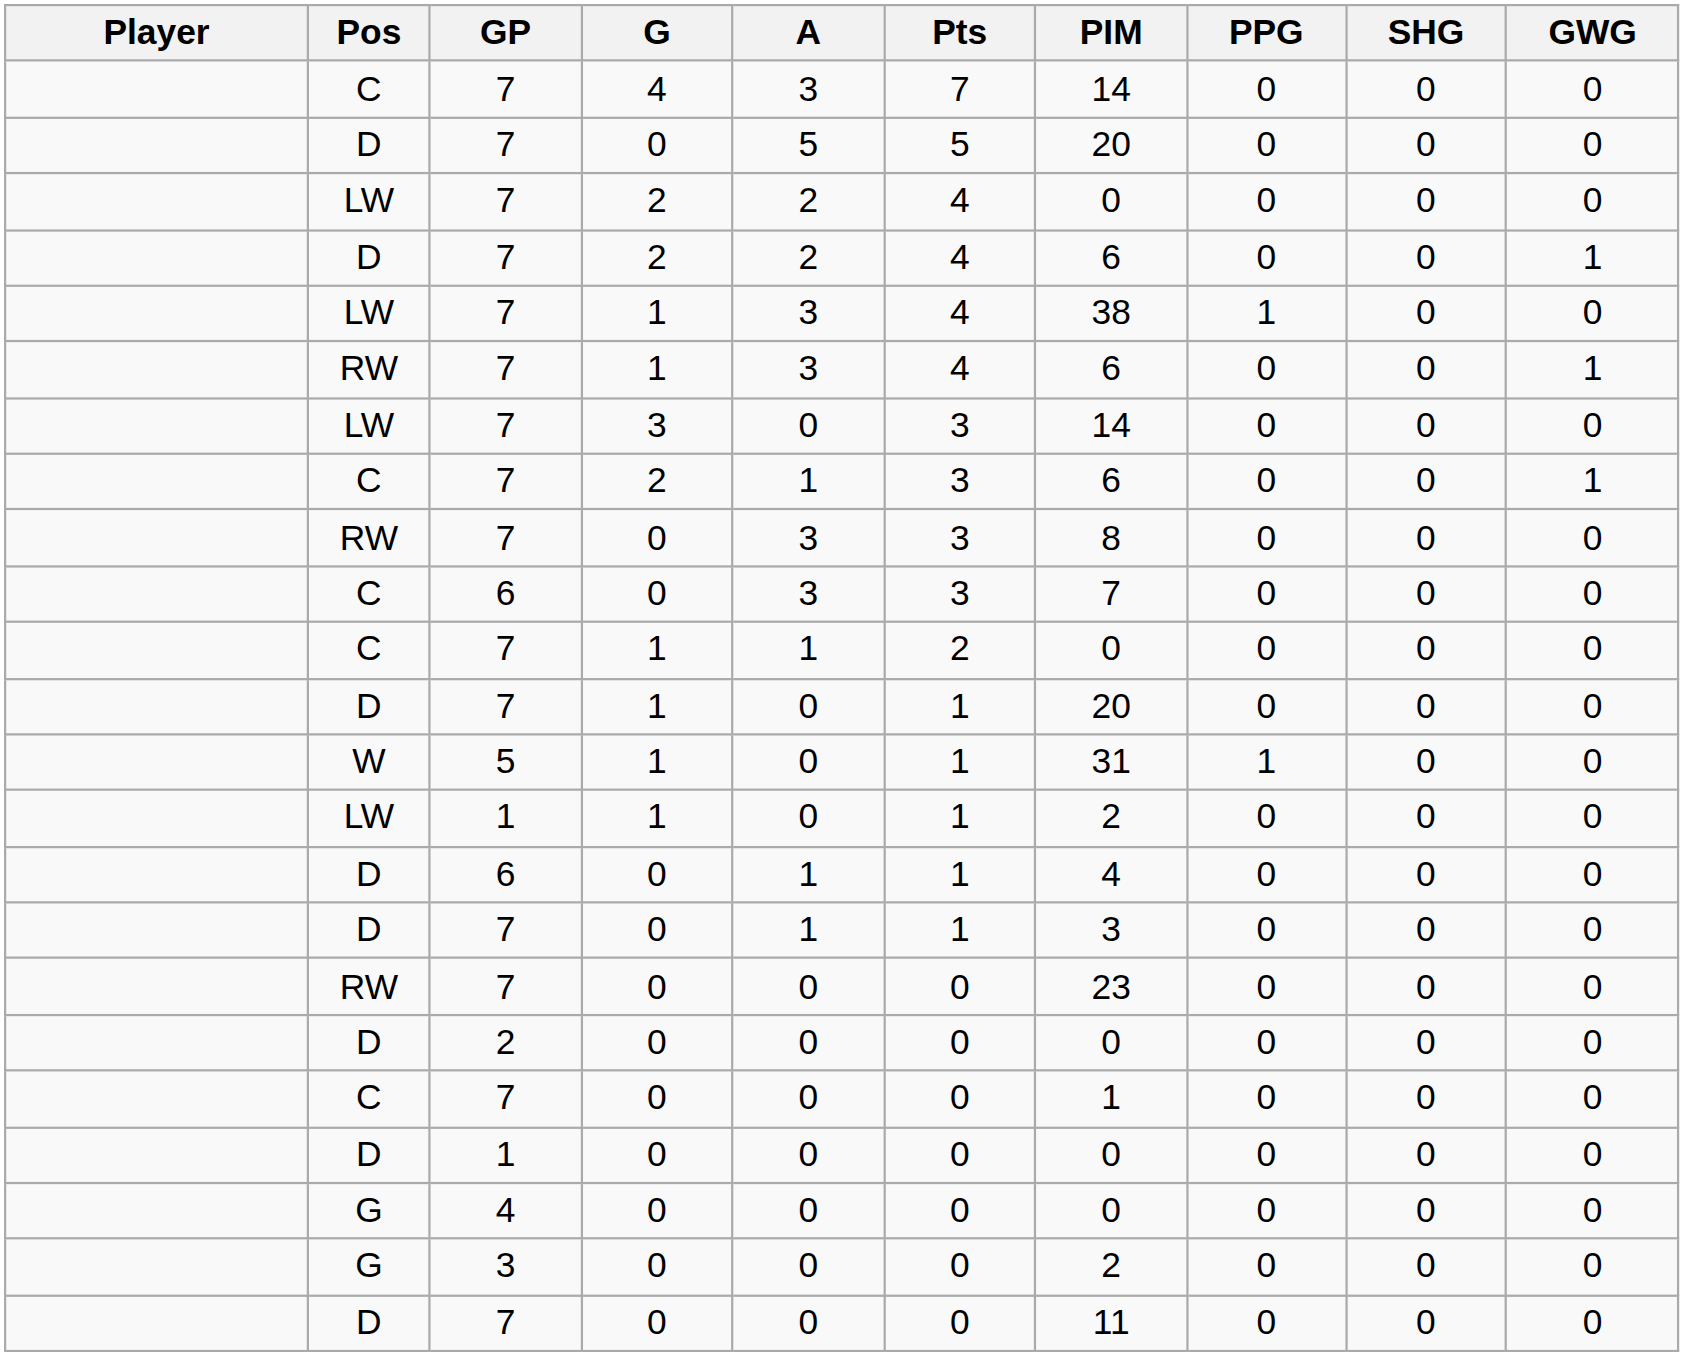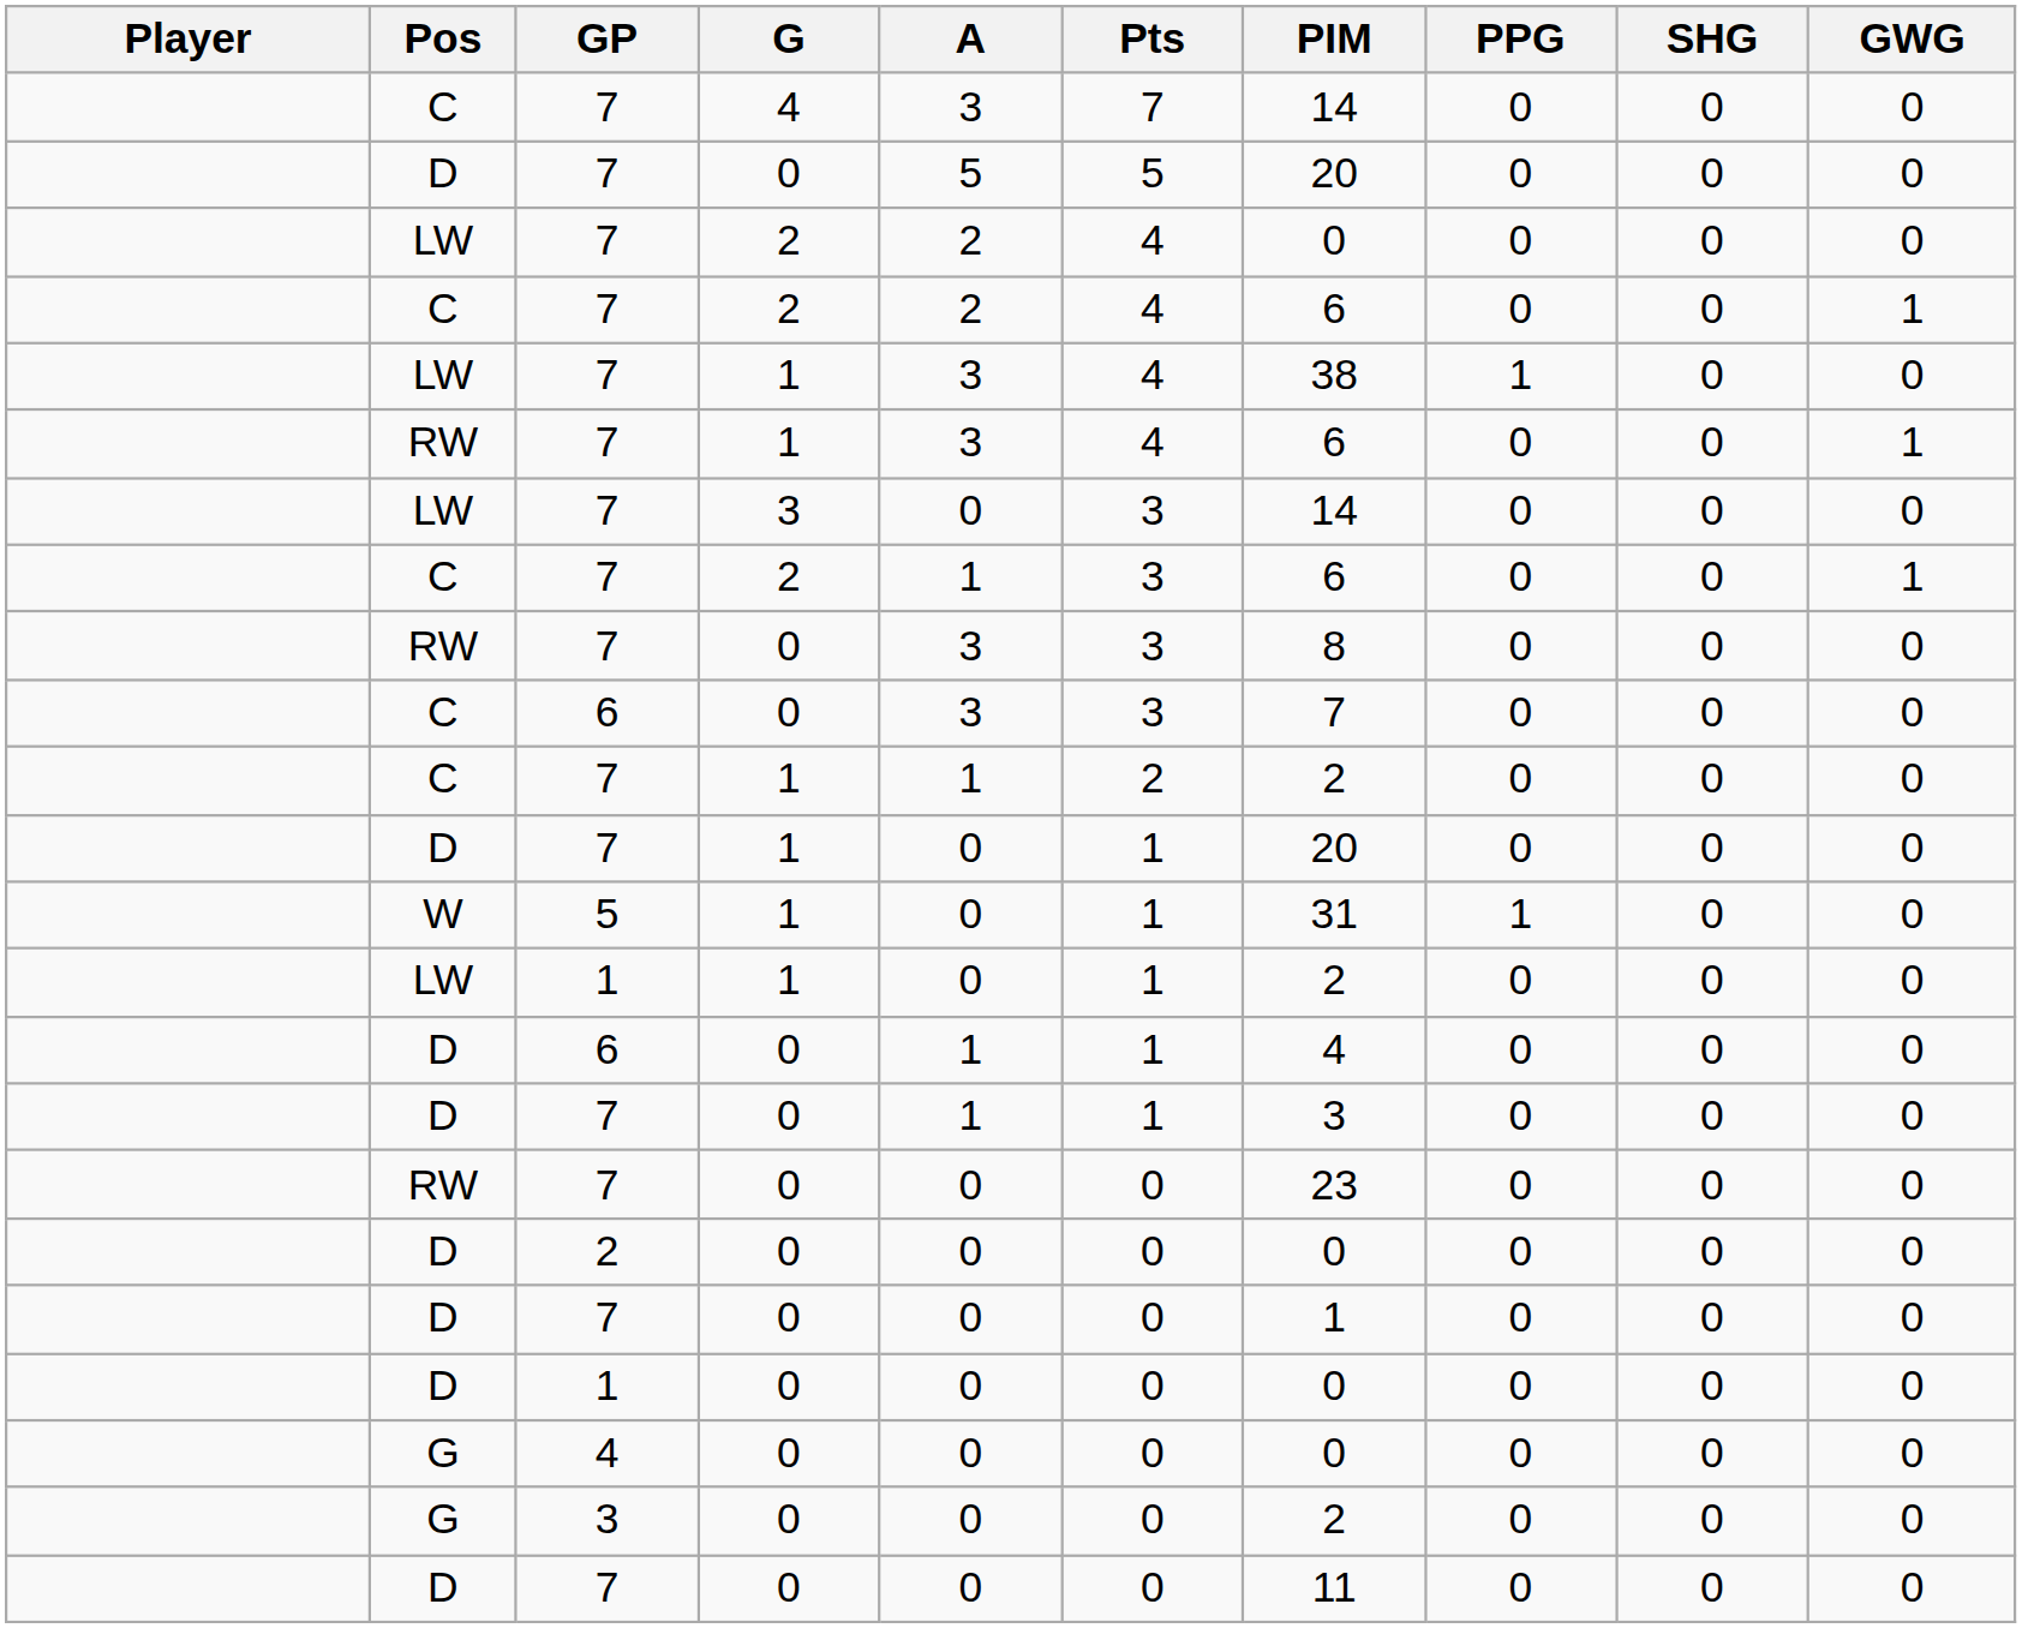 <table class="wikitable sortable" width="60%">
 <tr ALIGN="center">
 <th bgcolor="#DDDDFF" width="10%">Player</th>
 <th bgcolor="#DDDDFF" width="3%" title="Position">Pos</th>
 <th bgcolor="#DDDDFF" width="5%" title="Games played">GP</th>
 <th bgcolor="#DDDDFF" width="5%" title="Goals">G</th>
 <th bgcolor="#DDDDFF" width="5%" title="Assists">A</th>
 <th bgcolor="#DDDDFF" width="5%" title="Points">Pts</th>
 <th bgcolor="#DDDDFF" width="5%" title="Penalties in Minutes">PIM</th>
 <th bgcolor="#DDDDFF" width="5%" title="Power Play Goals">PPG</th>
 <th bgcolor="#DDDDFF" width="5%" title="Short-handed Goals">SHG</th>
 <th bgcolor="#DDDDFF" width="5%" title="Game-winning Goals">GWG</th>
 </tr>
 <tr align="center">
 <td align="right"></td>
 <td>C</td>
 <td>7</td>
 <td>4</td>
 <td>3</td>
 <td>7</td>
 <td>14</td>
 <td>0</td>
 <td>0</td>
 <td>0</td>
 </tr>
 <tr align="center">
 <td align="right"></td>
 <td>D</td>
 <td>7</td>
 <td>0</td>
 <td>5</td>
 <td>5</td>
 <td>20</td>
 <td>0</td>
 <td>0</td>
 <td>0</td>
 </tr>
 <tr align="center">
 <td align="right"></td>
 <td>LW</td>
 <td>7</td>
 <td>2</td>
 <td>2</td>
 <td>4</td>
 <td>0</td>
 <td>0</td>
 <td>0</td>
 <td>0</td>
 </tr>
 <tr align="center">
 <td align="right"></td>
-<td>D</td>
+<td>C</td>
 <td>7</td>
 <td>2</td>
 <td>2</td>
 <td>4</td>
 <td>6</td>
 <td>0</td>
 <td>0</td>
 <td>1</td>
 </tr>
 <tr align="center">
 <td align="right"></td>
 <td>LW</td>
 <td>7</td>
 <td>1</td>
 <td>3</td>
 <td>4</td>
 <td>38</td>
 <td>1</td>
 <td>0</td>
 <td>0</td>
 </tr>
 <tr align="center">
 <td align="right"></td>
 <td>RW</td>
 <td>7</td>
 <td>1</td>
 <td>3</td>
 <td>4</td>
 <td>6</td>
 <td>0</td>
 <td>0</td>
 <td>1</td>
 </tr>
 <tr align="center">
 <td align="right"></td>
 <td>LW</td>
 <td>7</td>
 <td>3</td>
 <td>0</td>
 <td>3</td>
 <td>14</td>
 <td>0</td>
 <td>0</td>
 <td>0</td>
 </tr>
 <tr align="center">
 <td align="right"></td>
 <td>C</td>
 <td>7</td>
 <td>2</td>
 <td>1</td>
 <td>3</td>
 <td>6</td>
 <td>0</td>
 <td>0</td>
 <td>1</td>
 </tr>
 <tr align="center">
 <td align="right"></td>
 <td>RW</td>
 <td>7</td>
 <td>0</td>
 <td>3</td>
 <td>3</td>
 <td>8</td>
 <td>0</td>
 <td>0</td>
 <td>0</td>
 </tr>
 <tr align="center">
 <td align="right"></td>
 <td>C</td>
 <td>6</td>
 <td>0</td>
 <td>3</td>
 <td>3</td>
 <td>7</td>
 <td>0</td>
 <td>0</td>
 <td>0</td>
 </tr>
 <tr align="center">
 <td align="right"></td>
 <td>C</td>
 <td>7</td>
 <td>1</td>
 <td>1</td>
 <td>2</td>
-<td>0</td>
+<td>2</td>
 <td>0</td>
 <td>0</td>
 <td>0</td>
 </tr>
 <tr align="center">
 <td align="right"></td>
 <td>D</td>
 <td>7</td>
 <td>1</td>
 <td>0</td>
 <td>1</td>
 <td>20</td>
 <td>0</td>
 <td>0</td>
 <td>0</td>
 </tr>
 <tr align="center">
 <td align="right"></td>
 <td>W</td>
 <td>5</td>
 <td>1</td>
 <td>0</td>
 <td>1</td>
 <td>31</td>
 <td>1</td>
 <td>0</td>
 <td>0</td>
 </tr>
 <tr align="center">
 <td align="right"></td>
 <td>LW</td>
 <td>1</td>
 <td>1</td>
 <td>0</td>
 <td>1</td>
 <td>2</td>
 <td>0</td>
 <td>0</td>
 <td>0</td>
 </tr>
 <tr align="center">
 <td align="right"></td>
 <td>D</td>
 <td>6</td>
 <td>0</td>
 <td>1</td>
 <td>1</td>
 <td>4</td>
 <td>0</td>
 <td>0</td>
 <td>0</td>
 </tr>
 <tr align="center">
 <td align="right"></td>
 <td>D</td>
 <td>7</td>
 <td>0</td>
 <td>1</td>
 <td>1</td>
 <td>3</td>
 <td>0</td>
 <td>0</td>
 <td>0</td>
 </tr>
 <tr align="center">
 <td align="right"></td>
 <td>RW</td>
 <td>7</td>
 <td>0</td>
 <td>0</td>
 <td>0</td>
 <td>23</td>
 <td>0</td>
 <td>0</td>
 <td>0</td>
 </tr>
 <tr align="center">
 <td align="right"></td>
 <td>D</td>
 <td>2</td>
 <td>0</td>
 <td>0</td>
 <td>0</td>
 <td>0</td>
 <td>0</td>
 <td>0</td>
 <td>0</td>
 </tr>
 <tr align="center">
 <td align="right"></td>
-<td>C</td>
+<td>D</td>
 <td>7</td>
 <td>0</td>
 <td>0</td>
 <td>0</td>
 <td>1</td>
 <td>0</td>
 <td>0</td>
 <td>0</td>
 </tr>
 <tr align="center">
 <td align="right"></td>
 <td>D</td>
 <td>1</td>
 <td>0</td>
 <td>0</td>
 <td>0</td>
 <td>0</td>
 <td>0</td>
 <td>0</td>
 <td>0</td>
 </tr>
 <tr align="center">
 <td align="right"></td>
 <td>G</td>
 <td>4</td>
 <td>0</td>
 <td>0</td>
 <td>0</td>
 <td>0</td>
 <td>0</td>
 <td>0</td>
 <td>0</td>
 </tr>
 <tr align="center">
 <td align="right"></td>
 <td>G</td>
 <td>3</td>
 <td>0</td>
 <td>0</td>
 <td>0</td>
 <td>2</td>
 <td>0</td>
 <td>0</td>
 <td>0</td>
 </tr>
 <tr align="center">
 <td align="right"></td>
 <td>D</td>
 <td>7</td>
 <td>0</td>
 <td>0</td>
 <td>0</td>
 <td>11</td>
 <td>0</td>
 <td>0</td>
 <td>0</td>
 </tr>
 </table>
